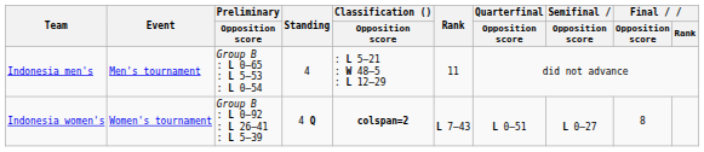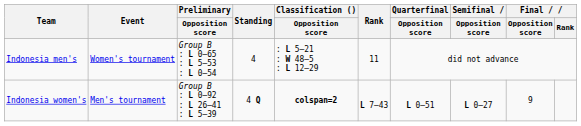 <table class=wikitable style=font-size:90%;text-align:center>
 <tr>
 <th rowspan=2>Team</th>
 <th rowspan=2>Event</th>
 <th>Preliminary</th>
 <th rowspan=2>Standing</th>
 <th>Classification ()</th>
 <th rowspan=2>Rank</th>
 <th>Quarterfinal</th>
 <th>Semifinal / </th>
 <th colspan=2>Final /  / </th>
 </tr>
 <tr style="font-size:95%">
 <th>Opposition<br> score</th>
 <th>Opposition<br> score</th>
 <th>Opposition<br> score</th>
 <th>Opposition<br> score</th>
 <th>Opposition<br> score</th>
 <th>Rank</th>
 </tr>
 <tr>
 <td align=left><a href='#'>Indonesia men's</a></td>
-<td align=left><a href='#'>Men's tournament</a></td>
+<td align=left><a href='#'>Women's tournament</a></td>
 <td align=left><em>Group B</em><br>: <strong>L</strong> 0–65<br>:  <strong>L</strong> 5–53<br>:  <strong>L</strong> 0–54</td>
 <td>4</td>
 <td align=left>: <strong>L</strong> 5–21<br>:  <strong>W</strong> 48–5<br>:  <strong>L</strong> 12–29</td>
 <td>11</td>
 <td colspan=4>did not advance</td>
 </tr>
 <tr>
 <td align=left><a href='#'>Indonesia women's</a></td>
-<td align=left><a href='#'>Women's tournament</a></td>
+<td align=left><a href='#'>Men's tournament</a></td>
 <td align=left><em>Group B</em><br>: <strong>L</strong> 0–92<br>:  <strong>L</strong> 26–41<br>:  <strong>L</strong> 5–39</td>
 <td>4 <strong>Q</strong></td>
 <td><strong>colspan=2 </strong></td>
 <td><br><strong>L</strong> 7–43</td>
 <td><br><strong>L</strong> 0–51</td>
 <td><br><strong>L</strong> 0–27</td>
-<td>8</td>
+<td>9</td>
 </tr>
 </table>
